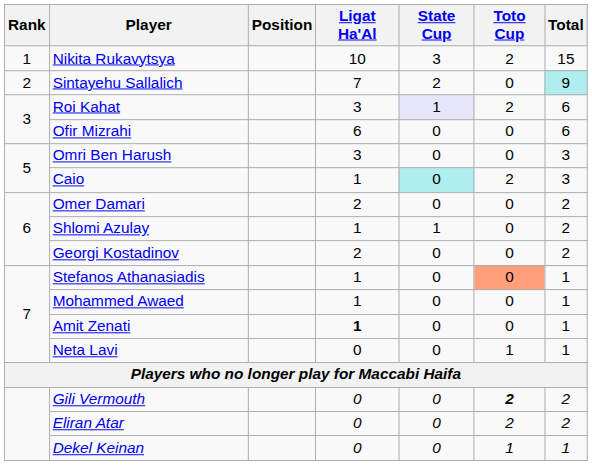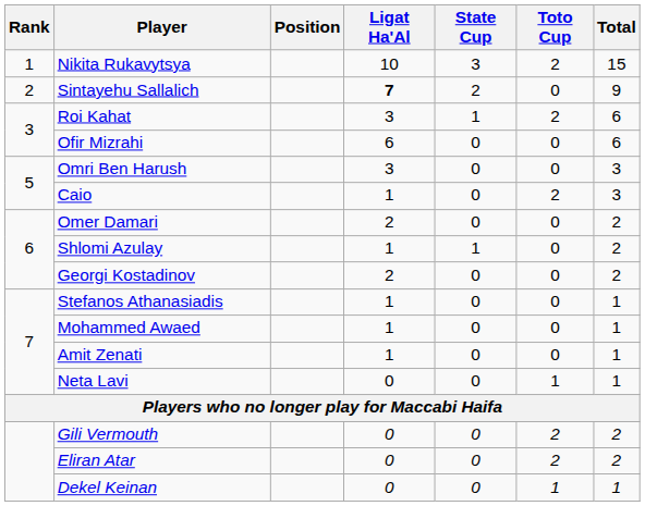 <table class="wikitable">
 <tr>
 <th>Rank</th>
 <th style="width:200px;">Player</th>
 <th>Position</th>
 <th><a href='#'>Ligat Ha'Al</a></th>
 <th><a href='#'>State Cup</a></th>
 <th><a href='#'>Toto Cup</a></th>
 <th>Total</th>
 </tr>
 <tr>
 <td align=center>1</td>
 <td> <a href='#'>Nikita Rukavytsya</a></td>
 <td align=center></td>
 <td align=center>10</td>
 <td align=center>3</td>
 <td align=center>2</td>
 <td align=center>15</td>
 </tr>
 <tr>
 <td align=center>2</td>
 <td> <a href='#'>Sintayehu Sallalich</a></td>
 <td align=center></td>
-<td align=center>7</td>
+<td align=center><strong>7</strong></td>
 <td align=center>2</td>
 <td align=center>0</td>
-<td align=center style="background: paleturquoise;">9</td>
+<td align=center>9</td>
 </tr>
 <tr>
 <td align=center rowspan=2>3</td>
 <td> <a href='#'>Roi Kahat</a></td>
 <td align=center></td>
 <td align=center>3</td>
-<td align=center style="background: lavender;">1</td>
+<td align=center>1</td>
 <td align=center>2</td>
 <td align=center>6</td>
 </tr>
 <tr>
 <td> <a href='#'>Ofir Mizrahi</a></td>
 <td align=center></td>
 <td align=center>6</td>
 <td align=center>0</td>
 <td align=center>0</td>
 <td align=center>6</td>
 </tr>
 <tr>
 <td align=center rowspan=2>5</td>
 <td> <a href='#'>Omri Ben Harush</a></td>
 <td align=center></td>
 <td align=center>3</td>
 <td align=center>0</td>
 <td align=center>0</td>
 <td align=center>3</td>
 </tr>
 <tr>
 <td> <a href='#'>Caio</a></td>
 <td align=center></td>
 <td align=center>1</td>
-<td align=center style="background: paleturquoise;">0</td>
+<td align=center>0</td>
 <td align=center>2</td>
 <td align=center>3</td>
 </tr>
 <tr>
 <td align=center rowspan=3>6</td>
 <td> <a href='#'>Omer Damari</a></td>
 <td align=center></td>
 <td align=center>2</td>
 <td align=center>0</td>
 <td align=center>0</td>
 <td align=center>2</td>
 </tr>
 <tr>
 <td> <a href='#'>Shlomi Azulay</a></td>
 <td align=center></td>
 <td align=center>1</td>
 <td align=center>1</td>
 <td align=center>0</td>
 <td align=center>2</td>
 </tr>
 <tr>
 <td> <a href='#'>Georgi Kostadinov</a></td>
 <td align=center></td>
 <td align=center>2</td>
 <td align=center>0</td>
 <td align=center>0</td>
 <td align=center>2</td>
 </tr>
 <tr>
 <td align=center rowspan=4>7</td>
 <td> <a href='#'>Stefanos Athanasiadis</a></td>
 <td align=center></td>
 <td align=center>1</td>
 <td align=center>0</td>
-<td align=center style="background: lightsalmon;">0</td>
+<td align=center>0</td>
 <td align=center>1</td>
 </tr>
 <tr>
 <td> <a href='#'>Mohammed Awaed</a></td>
 <td align=center></td>
 <td align=center>1</td>
 <td align=center>0</td>
 <td align=center>0</td>
 <td align=center>1</td>
 </tr>
 <tr>
 <td> <a href='#'>Amit Zenati</a></td>
 <td align=center></td>
-<td align=center><strong>1</strong></td>
+<td align=center>1</td>
 <td align=center>0</td>
 <td align=center>0</td>
 <td align=center>1</td>
 </tr>
 <tr>
 <td> <a href='#'>Neta Lavi</a></td>
 <td align=center></td>
 <td align=center>0</td>
 <td align=center>0</td>
 <td align=center>1</td>
 <td align=center>1</td>
 </tr>
 <tr>
 <th colspan=34><em>Players who no longer play for Maccabi Haifa</em></th>
 </tr>
 <tr>
 <td align=center rowspan=3></td>
 <td> <em><a href='#'>Gili Vermouth</a></em></td>
 <td align=center><em></em></td>
 <td align=center><em>0</em></td>
 <td align=center><em>0</em></td>
-<td align=center><strong><em>2</em></strong></td>
+<td align=center><em>2</em></td>
 <td align=center><em>2</em></td>
 </tr>
 <tr>
 <td> <em><a href='#'>Eliran Atar</a></em></td>
 <td align=center><em></em></td>
 <td align=center><em>0</em></td>
 <td align=center><em>0</em></td>
 <td align=center><em>2</em></td>
 <td align=center><em>2</em></td>
 </tr>
 <tr>
 <td> <em><a href='#'>Dekel Keinan</a></em></td>
 <td align=center><em></em></td>
 <td align=center><em>0</em></td>
 <td align=center><em>0</em></td>
 <td align=center><em>1</em></td>
 <td align=center><em>1</em></td>
 </tr>
 </table>
